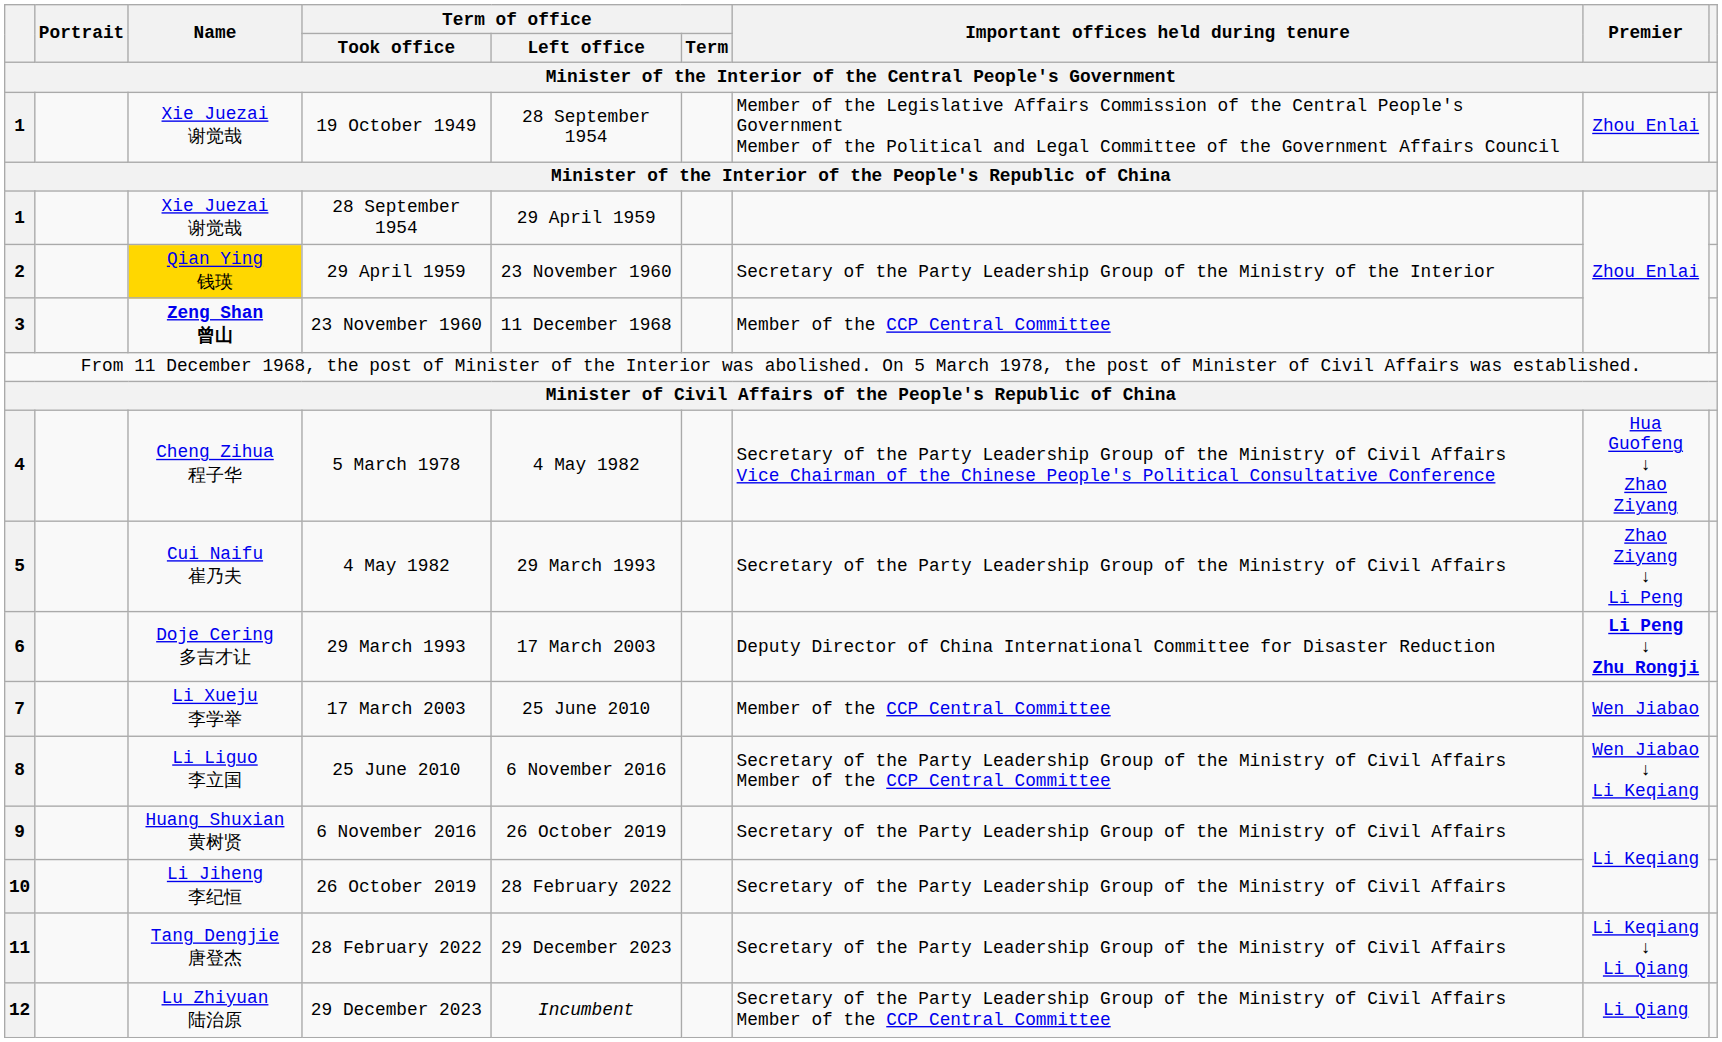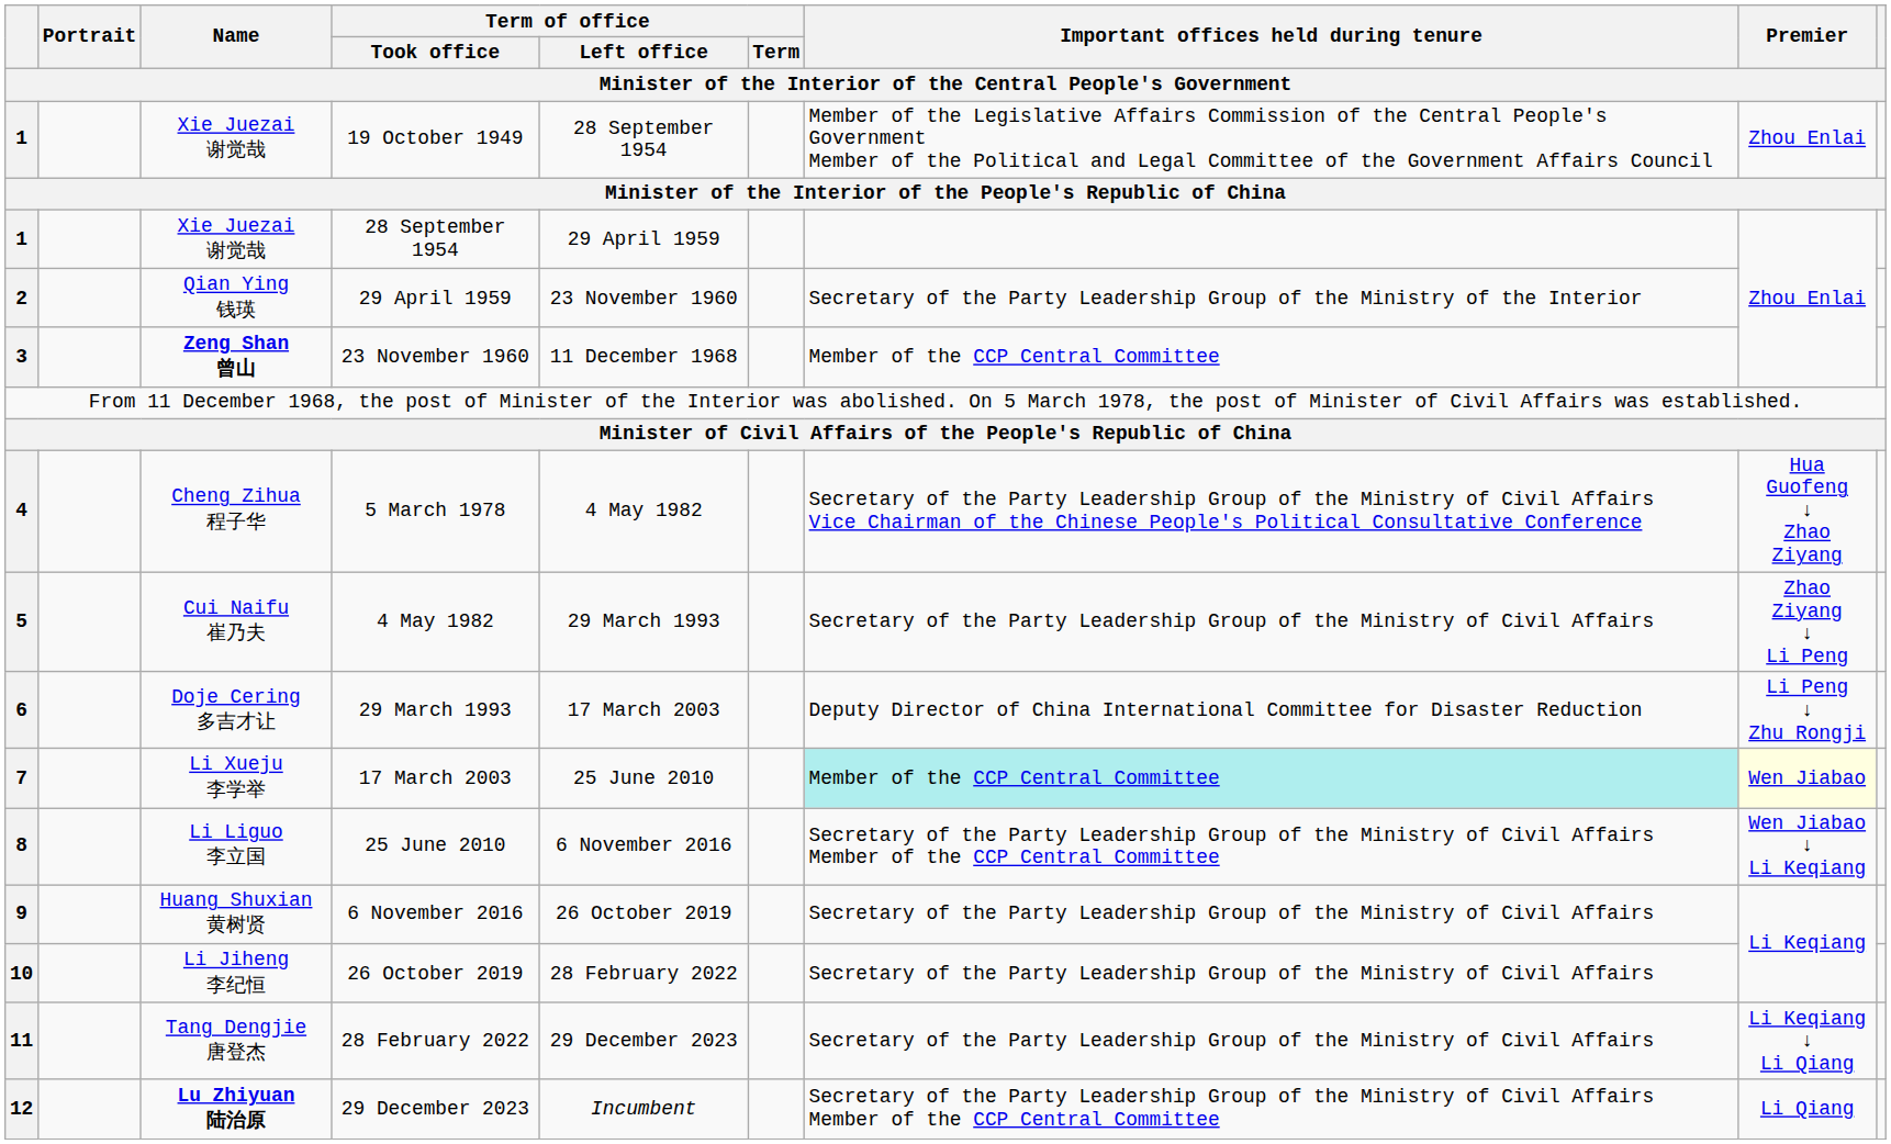 <table class="wikitable" style="text-align:center">
 <tr>
 <th rowspan="2"></th>
 <th rowspan="2">Portrait</th>
 <th rowspan="2" width="120">Name<br></th>
 <th colspan="3">Term of office</th>
 <th rowspan="2">Important offices held during tenure</th>
 <th rowspan="2">Premier</th>
 <th rowspan="2"></th>
 </tr>
 <tr>
 <th>Took office</th>
 <th>Left office</th>
 <th>Term</th>
 </tr>
 <tr>
 <th colspan="9"><strong>Minister of the Interior of the Central People's Government</strong></th>
 </tr>
 <tr>
 <th>1</th>
 <td></td>
 <td><a href='#'>Xie Juezai</a><br>谢觉哉<br></td>
 <td>19 October 1949</td>
 <td>28 September 1954</td>
 <td></td>
 <td align="left">Member of the Legislative Affairs Commission of the Central People's Government<br>Member of the Political and Legal Committee of the Government Affairs Council</td>
 <td><a href='#'>Zhou Enlai</a></td>
 <td></td>
 </tr>
 <tr>
 <th colspan="9"><strong>Minister of the Interior of the People's Republic of China</strong></th>
 </tr>
 <tr>
 <th>1</th>
 <td></td>
 <td><a href='#'>Xie Juezai</a><br>谢觉哉<br></td>
 <td>28 September 1954</td>
 <td>29 April 1959</td>
 <td></td>
 <td align="left"></td>
 <td rowspan="3"><a href='#'>Zhou Enlai</a></td>
 <td></td>
 </tr>
 <tr>
 <th>2</th>
 <td></td>
-<td style="background: gold;"><a href='#'>Qian Ying</a><br>钱瑛<br></td>
+<td><a href='#'>Qian Ying</a><br>钱瑛<br></td>
 <td>29 April 1959</td>
 <td>23 November 1960</td>
 <td></td>
 <td align="left">Secretary of the Party Leadership Group of the Ministry of the Interior</td>
 <td></td>
 </tr>
 <tr>
 <th>3</th>
 <td></td>
 <td><strong><a href='#'>Zeng Shan</a><br>曾山<br></strong></td>
 <td>23 November 1960</td>
 <td>11 December 1968</td>
 <td></td>
 <td align="left">Member of the <a href='#'>CCP Central Committee</a></td>
 <td></td>
 </tr>
 <tr>
 <td colspan="9">From 11 December 1968, the post of Minister of the Interior was abolished. On 5 March 1978, the post of Minister of Civil Affairs was established.</td>
 </tr>
 <tr>
 <th colspan="9"><strong>Minister of Civil Affairs of the People's Republic of China</strong></th>
 </tr>
 <tr>
 <th>4</th>
 <td></td>
 <td><a href='#'>Cheng Zihua</a><br>程子华<br></td>
 <td>5 March 1978</td>
 <td>4 May 1982</td>
 <td></td>
 <td align="left">Secretary of the Party Leadership Group of the Ministry of Civil Affairs<br><a href='#'>Vice Chairman of the Chinese People's Political Consultative Conference</a></td>
 <td><a href='#'>Hua Guofeng</a><br>↓<br><a href='#'>Zhao Ziyang</a></td>
 <td></td>
 </tr>
 <tr>
 <th>5</th>
 <td></td>
 <td><a href='#'>Cui Naifu</a><br>崔乃夫<br></td>
 <td>4 May 1982</td>
 <td>29 March 1993</td>
 <td></td>
 <td align="left">Secretary of the Party Leadership Group of the Ministry of Civil Affairs</td>
 <td><a href='#'>Zhao Ziyang</a><br>↓<br><a href='#'>Li Peng</a></td>
 <td></td>
 </tr>
 <tr>
 <th>6</th>
 <td></td>
 <td><a href='#'>Doje Cering</a><br>多吉才让<br></td>
 <td>29 March 1993</td>
 <td>17 March 2003</td>
 <td></td>
 <td align="left">Deputy Director of China International Committee for Disaster Reduction</td>
-<td><strong><a href='#'>Li Peng</a><br>↓<br><a href='#'>Zhu Rongji</a></strong></td>
+<td><a href='#'>Li Peng</a><br>↓<br><a href='#'>Zhu Rongji</a></td>
 <td></td>
 </tr>
 <tr>
 <th>7</th>
 <td></td>
 <td><a href='#'>Li Xueju</a><br>李学举<br></td>
 <td>17 March 2003</td>
 <td>25 June 2010</td>
 <td></td>
-<td align="left">Member of the <a href='#'>CCP Central Committee</a></td>
-<td><a href='#'>Wen Jiabao</a></td>
+<td align="left" style="background: paleturquoise;">Member of the <a href='#'>CCP Central Committee</a></td>
+<td style="background: lightyellow;"><a href='#'>Wen Jiabao</a></td>
 <td></td>
 </tr>
 <tr>
 <th>8</th>
 <td></td>
 <td><a href='#'>Li Liguo</a><br>李立国<br></td>
 <td>25 June 2010</td>
 <td>6 November 2016</td>
 <td></td>
 <td align="left">Secretary of the Party Leadership Group of the Ministry of Civil Affairs<br>Member of the <a href='#'>CCP Central Committee</a></td>
 <td><a href='#'>Wen Jiabao</a><br>↓<br><a href='#'>Li Keqiang</a></td>
 <td></td>
 </tr>
 <tr>
 <th>9</th>
 <td></td>
 <td><a href='#'>Huang Shuxian</a><br>黄树贤<br></td>
 <td>6 November 2016</td>
 <td>26 October 2019</td>
 <td></td>
 <td align="left">Secretary of the Party Leadership Group of the Ministry of Civil Affairs</td>
 <td rowspan="2"><a href='#'>Li Keqiang</a></td>
 <td></td>
 </tr>
 <tr>
 <th>10</th>
 <td></td>
 <td><a href='#'>Li Jiheng</a><br>李纪恒<br></td>
 <td>26 October 2019</td>
 <td>28 February 2022</td>
 <td></td>
 <td align="left">Secretary of the Party Leadership Group of the Ministry of Civil Affairs</td>
 <td></td>
 </tr>
 <tr>
 <th>11</th>
 <td></td>
 <td><a href='#'>Tang Dengjie</a><br>唐登杰<br></td>
 <td>28 February 2022</td>
 <td>29 December 2023</td>
 <td></td>
 <td align="left">Secretary of the Party Leadership Group of the Ministry of Civil Affairs</td>
 <td><a href='#'>Li Keqiang</a><br>↓<br><a href='#'>Li Qiang</a></td>
 <td></td>
 </tr>
 <tr>
 <th>12</th>
 <td></td>
-<td><a href='#'>Lu Zhiyuan</a><br>陆治原<br></td>
+<td><strong><a href='#'>Lu Zhiyuan</a><br>陆治原<br></strong></td>
 <td>29 December 2023</td>
 <td><em>Incumbent</em></td>
 <td></td>
 <td align="left">Secretary of the Party Leadership Group of the Ministry of Civil Affairs<br>Member of the <a href='#'>CCP Central Committee</a></td>
 <td><a href='#'>Li Qiang</a></td>
 <td></td>
 </tr>
 </table>
